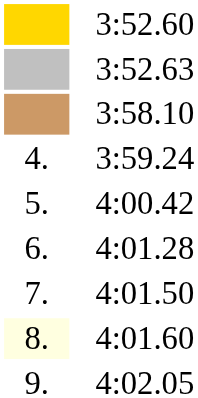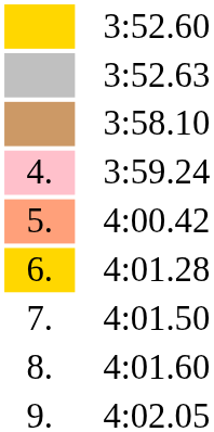 <table style="text-align:center">
 <tr>
 <td width=30 bgcolor=gold></td>
 <td align=left></td>
 <td width=60>3:52.60</td>
 </tr>
 <tr>
 <td bgcolor=silver></td>
 <td align=left></td>
 <td>3:52.63</td>
 </tr>
 <tr>
 <td bgcolor=cc9966></td>
 <td align=left></td>
 <td>3:58.10</td>
 </tr>
 <tr>
-<td>4.</td>
+<td style="background: pink;">4.</td>
 <td align=left></td>
 <td>3:59.24</td>
 </tr>
 <tr>
-<td>5.</td>
+<td style="background: lightsalmon;">5.</td>
 <td align=left></td>
 <td>4:00.42</td>
 </tr>
 <tr>
-<td>6.</td>
+<td style="background: gold;">6.</td>
 <td align=left></td>
 <td>4:01.28</td>
 </tr>
 <tr>
 <td>7.</td>
 <td align=left></td>
 <td>4:01.50</td>
 </tr>
 <tr>
-<td style="background: lightyellow;">8.</td>
+<td>8.</td>
 <td align=left></td>
 <td>4:01.60</td>
 </tr>
 <tr>
 <td>9.</td>
 <td align=left></td>
 <td>4:02.05</td>
 </tr>
 </table>
